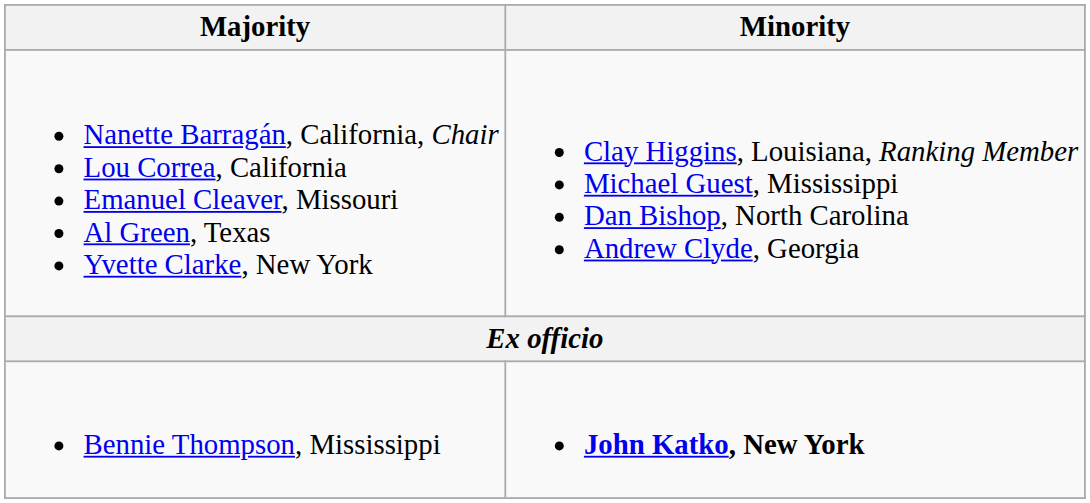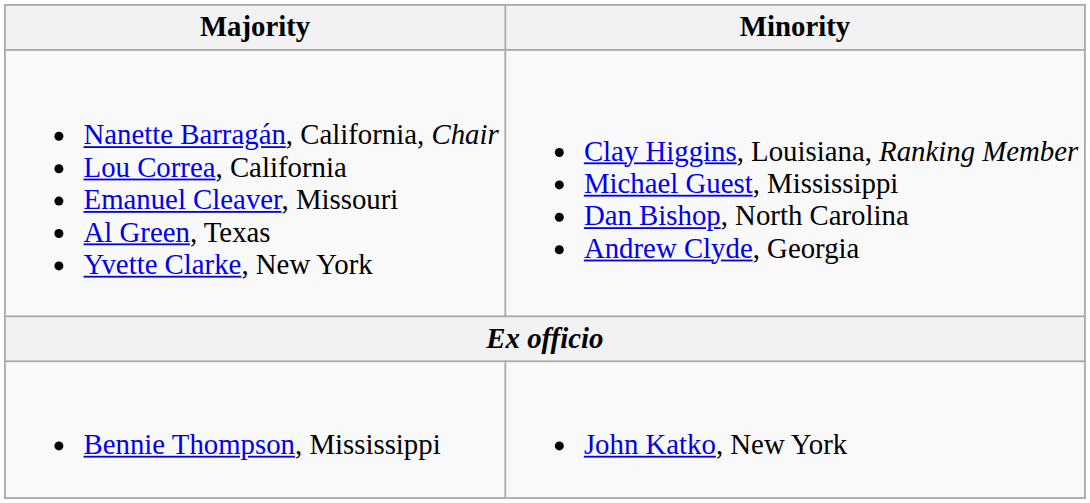 <table class=wikitable>
 <tr>
 <th>Majority</th>
 <th>Minority</th>
 </tr>
 <tr>
 <td><br><ul><li><a href='#'>Nanette Barragán</a>, California, <em>Chair</em></li><li><a href='#'>Lou Correa</a>, California</li><li><a href='#'>Emanuel Cleaver</a>, Missouri</li><li><a href='#'>Al Green</a>, Texas</li><li><a href='#'>Yvette Clarke</a>, New York</li></ul></td>
 <td><br><ul><li><a href='#'>Clay Higgins</a>, Louisiana, <em>Ranking Member</em></li><li><a href='#'>Michael Guest</a>, Mississippi</li><li><a href='#'>Dan Bishop</a>, North Carolina</li><li><a href='#'>Andrew Clyde</a>, Georgia</li></ul></td>
 </tr>
 <tr>
 <th colspan=2><em>Ex officio</em></th>
 </tr>
 <tr>
 <td><br><ul><li><a href='#'>Bennie Thompson</a>, Mississippi</li></ul></td>
-<td><strong><br><ul><li><a href='#'>John Katko</a>, New York</li></ul></strong></td>
+<td><br><ul><li><a href='#'>John Katko</a>, New York</li></ul></td>
 </tr>
 </table>
